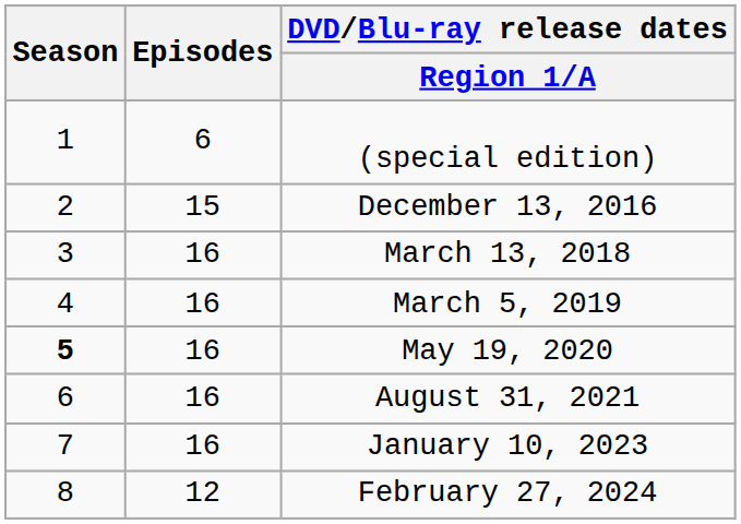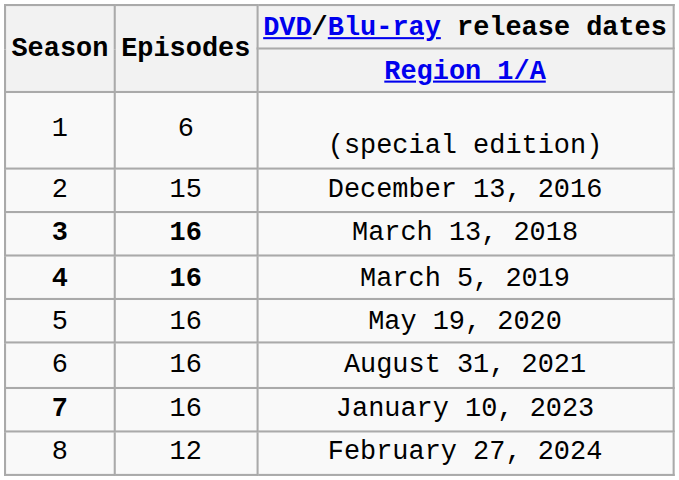 <table class="wikitable plainrowheaders" style="text-align: center;">
 <tr>
 <th scope="col" rowspan="2">Season</th>
 <th scope="col" rowspan="2">Episodes</th>
 <th scope="col" colspan="2"><a href='#'>DVD</a>/<a href='#'>Blu-ray</a> release dates</th>
 </tr>
 <tr>
 <th scope="col"><a href='#'>Region 1/A</a></th>
 </tr>
 <tr>
 <td scope="row">1</td>
 <td>6</td>
 <td><br> (special edition)</td>
 </tr>
 <tr>
 <td>2</td>
 <td>15</td>
 <td>December 13, 2016</td>
 </tr>
 <tr>
-<td>3</td>
-<td>16</td>
+<td><strong>3</strong></td>
+<td><strong>16</strong></td>
 <td>March 13, 2018</td>
 </tr>
 <tr>
-<td>4</td>
-<td>16</td>
+<td><strong>4</strong></td>
+<td><strong>16</strong></td>
 <td>March 5, 2019</td>
 </tr>
 <tr>
-<td><strong>5</strong></td>
+<td>5</td>
 <td>16</td>
 <td>May 19, 2020</td>
 </tr>
 <tr>
 <td>6</td>
 <td>16</td>
 <td>August 31, 2021</td>
 </tr>
 <tr>
-<td>7</td>
+<td><strong>7</strong></td>
 <td>16</td>
 <td>January 10, 2023</td>
 </tr>
 <tr>
 <td>8</td>
 <td>12</td>
 <td>February 27, 2024</td>
 </tr>
 </table>
